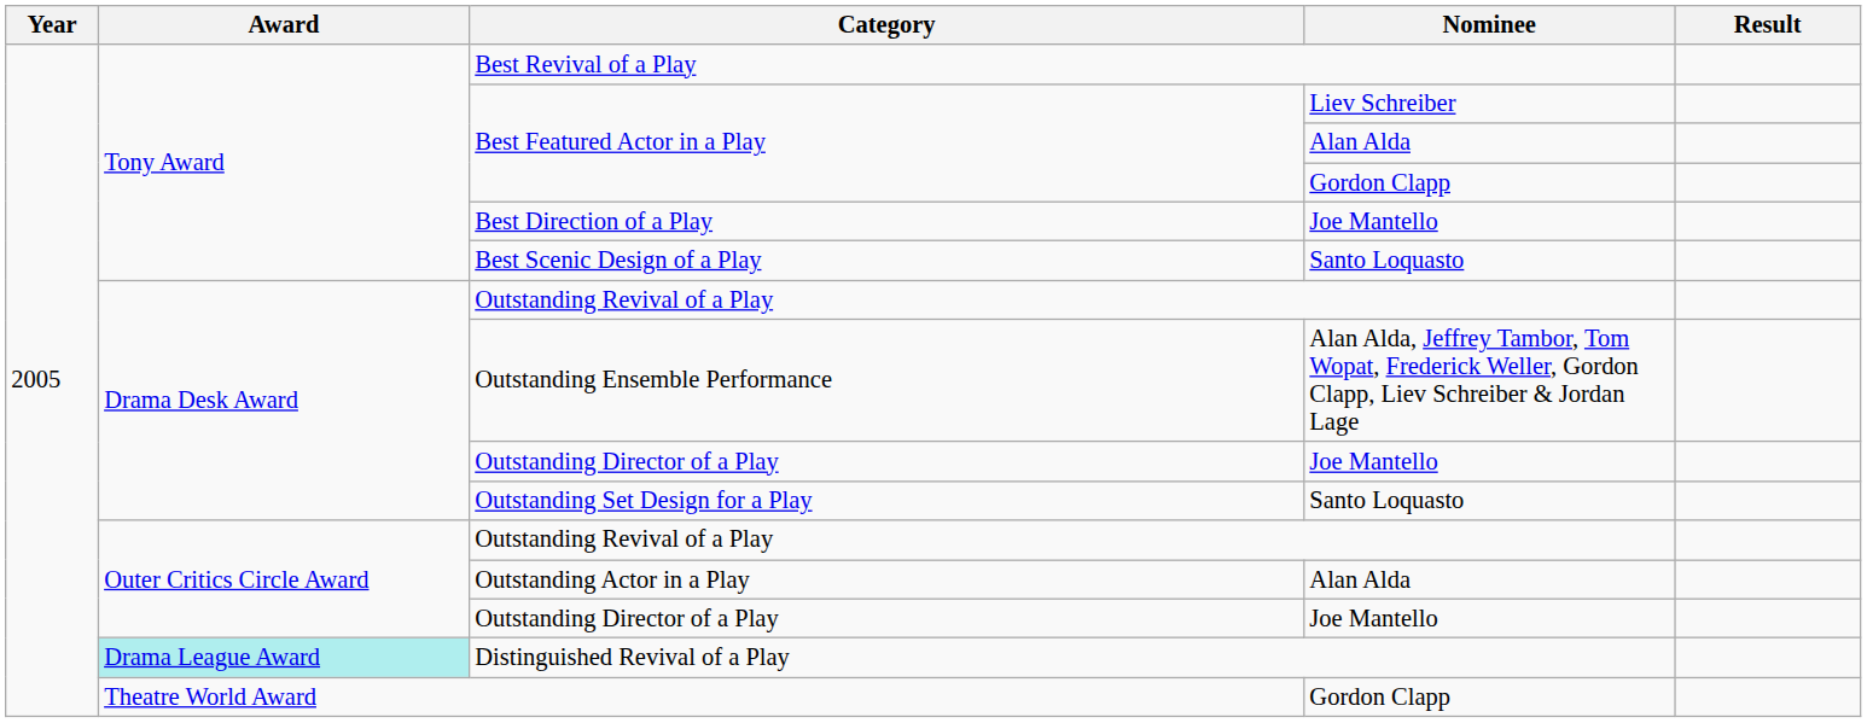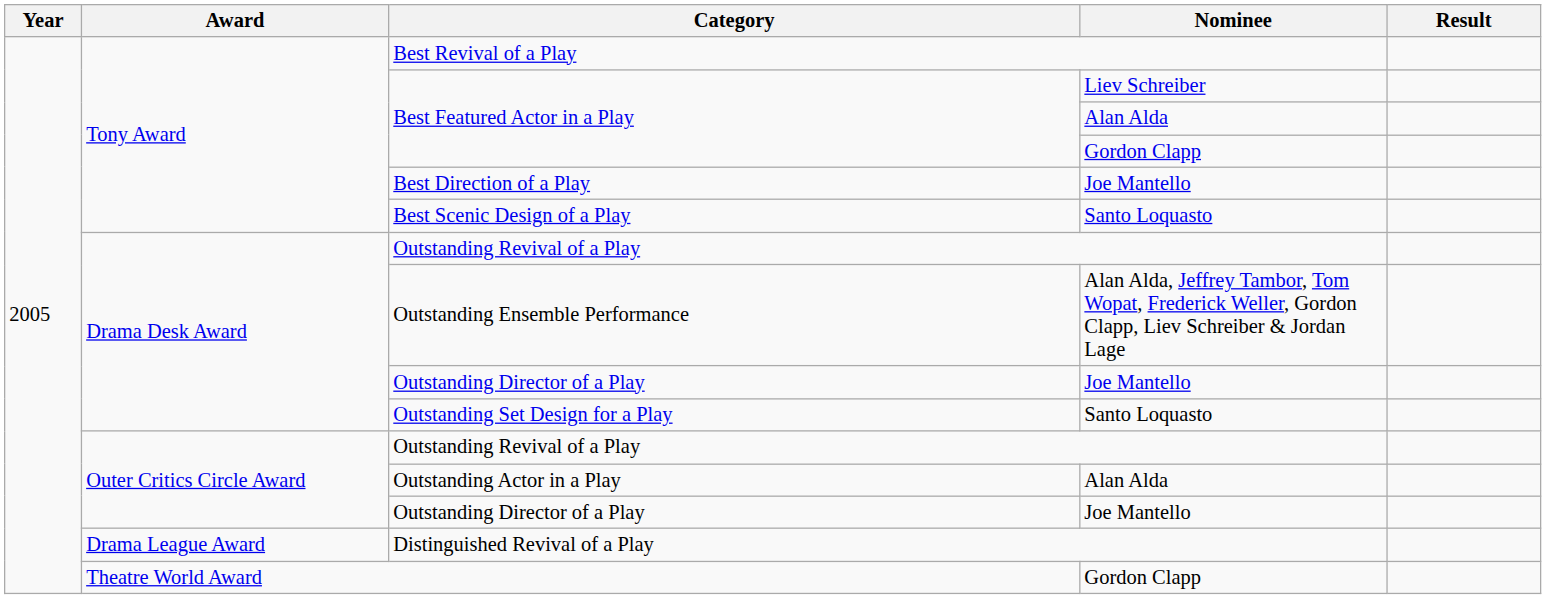 <table class="wikitable" style="width:95%;">
 <tr>
 <th style="width:5%;">Year</th>
 <th style="width:20%;">Award</th>
 <th style="width:45%;">Category</th>
 <th style="width:20%;">Nominee</th>
 <th style="width:10%;">Result</th>
 </tr>
 <tr>
 <td rowspan="15">2005</td>
 <td rowspan="6"><a href='#'>Tony Award</a></td>
 <td colspan="2"><a href='#'>Best Revival of a Play</a></td>
 <td></td>
 </tr>
 <tr>
 <td rowspan="3"><a href='#'>Best Featured Actor in a Play</a></td>
 <td><a href='#'>Liev Schreiber</a></td>
 <td></td>
 </tr>
 <tr>
 <td><a href='#'>Alan Alda</a></td>
 <td></td>
 </tr>
 <tr>
 <td><a href='#'>Gordon Clapp</a></td>
 <td></td>
 </tr>
 <tr>
 <td><a href='#'>Best Direction of a Play</a></td>
 <td><a href='#'>Joe Mantello</a></td>
 <td></td>
 </tr>
 <tr>
 <td><a href='#'>Best Scenic Design of a Play</a></td>
 <td><a href='#'>Santo Loquasto</a></td>
 <td></td>
 </tr>
 <tr>
 <td rowspan="4"><a href='#'>Drama Desk Award</a></td>
 <td colspan="2"><a href='#'>Outstanding Revival of a Play</a></td>
 <td></td>
 </tr>
 <tr>
 <td>Outstanding Ensemble Performance</td>
 <td>Alan Alda, <a href='#'>Jeffrey Tambor</a>, <a href='#'>Tom Wopat</a>, <a href='#'>Frederick Weller</a>, Gordon Clapp, Liev Schreiber & Jordan Lage</td>
 <td></td>
 </tr>
 <tr>
 <td><a href='#'>Outstanding Director of a Play</a></td>
 <td><a href='#'>Joe Mantello</a></td>
 <td></td>
 </tr>
 <tr>
 <td><a href='#'>Outstanding Set Design for a Play</a></td>
 <td>Santo Loquasto</td>
 <td></td>
 </tr>
 <tr>
 <td rowspan="3"><a href='#'>Outer Critics Circle Award</a></td>
 <td colspan="2">Outstanding Revival of a Play</td>
 <td></td>
 </tr>
 <tr>
 <td>Outstanding Actor in a Play</td>
 <td>Alan Alda</td>
 <td></td>
 </tr>
 <tr>
 <td>Outstanding Director of a Play</td>
 <td>Joe Mantello</td>
 <td></td>
 </tr>
 <tr>
-<td style="background: paleturquoise;"><a href='#'>Drama League Award</a></td>
+<td><a href='#'>Drama League Award</a></td>
 <td colspan="2">Distinguished Revival of a Play</td>
 <td></td>
 </tr>
 <tr>
 <td colspan="2"><a href='#'>Theatre World Award</a></td>
 <td>Gordon Clapp</td>
 <td></td>
 </tr>
 </table>
